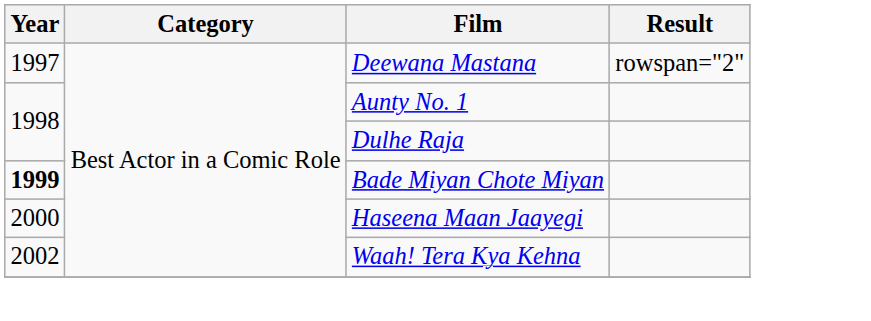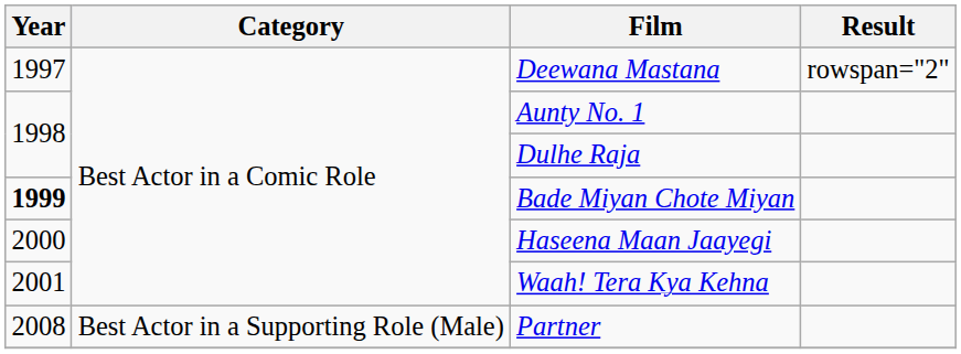 <table class="wikitable">
 <tr style="background:#ebf5ff;">
 <th>Year</th>
 <th>Category</th>
 <th>Film</th>
 <th>Result</th>
 </tr>
 <tr>
 <td>1997</td>
 <td rowspan="6">Best Actor in a Comic Role</td>
 <td><em><a href='#'>Deewana Mastana</a></em></td>
 <td>rowspan="2" </td>
 </tr>
 <tr>
 <td rowspan="2">1998</td>
 <td><em><a href='#'>Aunty No. 1</a></em></td>
 </tr>
 <tr>
 <td><em><a href='#'>Dulhe Raja</a></em></td>
 <td></td>
 </tr>
 <tr>
 <td><strong>1999</strong></td>
 <td><em><a href='#'>Bade Miyan Chote Miyan</a></em></td>
 <td></td>
 </tr>
 <tr>
 <td>2000</td>
 <td><em><a href='#'>Haseena Maan Jaayegi</a></em></td>
 <td></td>
 </tr>
 <tr>
-<td>2002</td>
+<td>2001</td>
 <td><em><a href='#'>Waah! Tera Kya Kehna</a></em></td>
+<td></td>
+</tr>
+<tr>
+<td>2008</td>
+<td>Best Actor in a Supporting Role (Male)</td>
+<td><em><a href='#'>Partner</a></em></td>
 <td></td>
 </tr>
 <tr>
 </tr>
 </table>
